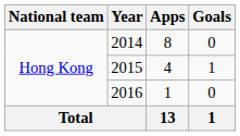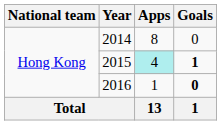 <table class="wikitable" style="text-align:center">
 <tr>
 <th>National team</th>
 <th>Year</th>
 <th>Apps</th>
 <th>Goals</th>
 </tr>
 <tr>
 <td rowspan="3"><a href='#'>Hong Kong</a></td>
 <td>2014</td>
 <td>8</td>
 <td>0</td>
 </tr>
 <tr>
 <td>2015</td>
-<td>4</td>
-<td>1</td>
+<td style="background: paleturquoise;">4</td>
+<td><strong>1</strong></td>
 </tr>
 <tr>
 <td>2016</td>
 <td>1</td>
-<td>0</td>
+<td><strong>0</strong></td>
 </tr>
 <tr>
 <th colspan=2>Total</th>
 <th>13</th>
 <th>1</th>
 </tr>
 </table>
